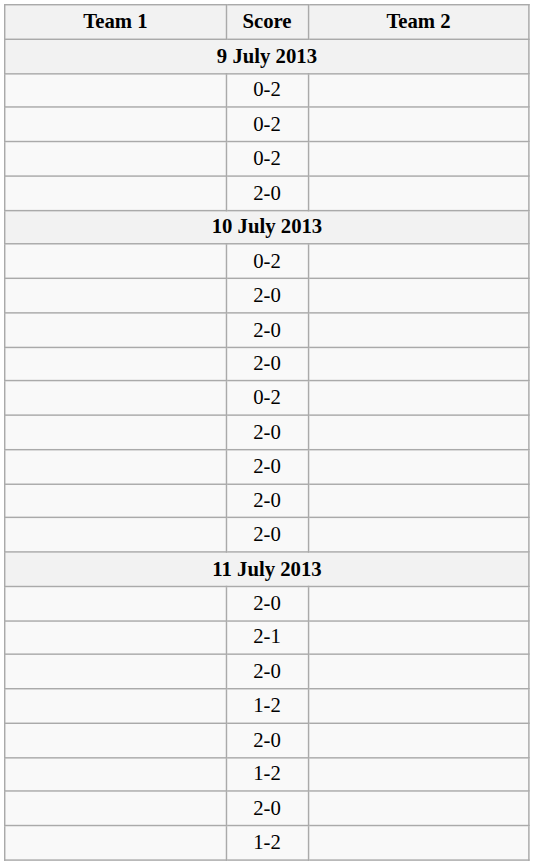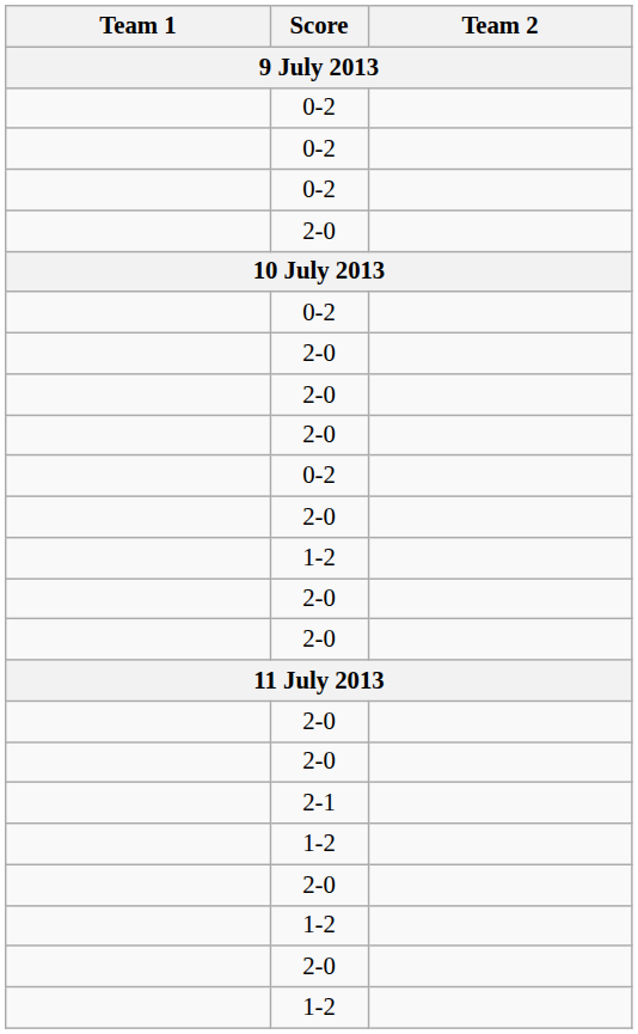 <table class="wikitable" style="text-align: center; font-size:90% ">
 <tr>
 <th align="right" width="147">Team 1</th>
 <th width="50">Score</th>
 <th align="left" width="147">Team 2</th>
 </tr>
 <tr>
 <th colspan=3>9 July 2013</th>
 </tr>
 <tr>
 <td align=right></td>
 <td align=center>0-2</td>
 <td align=left><strong></strong></td>
 </tr>
 <tr>
 <td align=right></td>
 <td align=center>0-2</td>
 <td align=left><strong></strong></td>
 </tr>
 <tr>
 <td align=right></td>
 <td align=center>0-2</td>
 <td align=left><strong></strong></td>
 </tr>
 <tr>
 <td align=right><strong></strong></td>
 <td align=center>2-0</td>
 <td align=left></td>
 </tr>
 <tr>
 <th colspan=3>10 July 2013</th>
 </tr>
 <tr>
 <td align=right></td>
 <td align=center>0-2</td>
 <td align=left><strong></strong></td>
 </tr>
 <tr>
 <td align=right><strong></strong></td>
 <td align=center>2-0</td>
 <td align=left></td>
 </tr>
 <tr>
 <td align=right><strong></strong></td>
 <td align=center>2-0</td>
 <td align=left></td>
 </tr>
 <tr>
 <td align=right><strong></strong></td>
 <td align=center>2-0</td>
 <td align=left></td>
 </tr>
 <tr>
 <td align=right></td>
 <td align=center>0-2</td>
 <td align=left><strong></strong></td>
 </tr>
 <tr>
 <td align=right><strong></strong></td>
 <td align=center>2-0</td>
 <td align=left></td>
 </tr>
 <tr>
 <td align=right><strong></strong></td>
-<td align=center>2-0</td>
+<td align=center>1-2</td>
 <td align=left></td>
 </tr>
 <tr>
 <td align=right><strong></strong></td>
 <td align=center>2-0</td>
 <td align=left></td>
 </tr>
 <tr>
 <td align=right></td>
 <td align=center>2-0</td>
 <td align=left><strong></strong></td>
 </tr>
 <tr>
 <th colspan=3>11 July 2013</th>
 </tr>
 <tr>
 <td align=right><strong></strong></td>
 <td align=center>2-0</td>
 <td align=left></td>
 </tr>
 <tr>
 <td align=right><strong></strong></td>
-<td align=center>2-1</td>
+<td align=center>2-0</td>
 <td align=left></td>
 </tr>
 <tr>
 <td align=right><strong></strong></td>
-<td align=center>2-0</td>
+<td align=center>2-1</td>
 <td align=left></td>
 </tr>
 <tr>
 <td align=right></td>
 <td align=center>1-2</td>
 <td align=left><strong></strong></td>
 </tr>
 <tr>
 <td align=right><strong></strong></td>
 <td align=center>2-0</td>
 <td align=left></td>
 </tr>
 <tr>
 <td align=right></td>
 <td align=center>1-2</td>
 <td align=left><strong></strong></td>
 </tr>
 <tr>
 <td align=right><strong></strong></td>
 <td align=center>2-0</td>
 <td align=left></td>
 </tr>
 <tr>
 <td align=right></td>
 <td align=center>1-2</td>
 <td align=left><strong></strong></td>
 </tr>
 </table>
